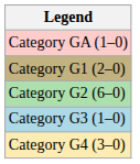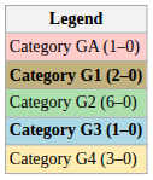 <table class=wikitable style=font-size:85%>
 <tr>
 <th>Legend</th>
 </tr>
 <tr bgcolor=FFcccc>
 <td>Category GA (1–0)</td>
 </tr>
 <tr bgcolor=C2B280>
-<td>Category G1 (2–0)</td>
+<td><strong>Category G1 (2–0)</strong></td>
 </tr>
 <tr bgcolor=addfad>
 <td>Category G2 (6–0)</td>
 </tr>
 <tr bgcolor=lightblue>
-<td>Category G3 (1–0)</td>
+<td><strong>Category G3 (1–0)</strong></td>
 </tr>
 <tr bgcolor=ffecb2>
 <td>Category G4 (3–0)</td>
 </tr>
 </table>
